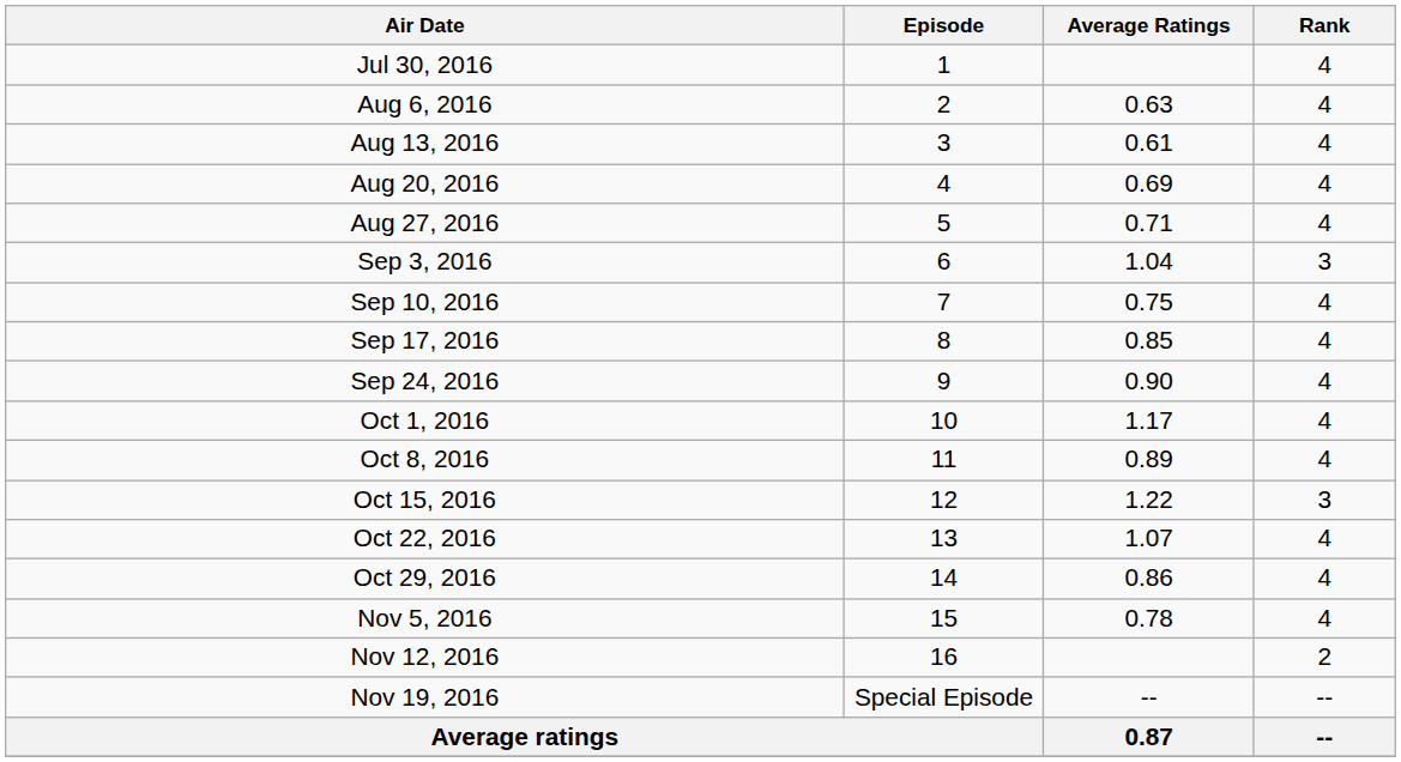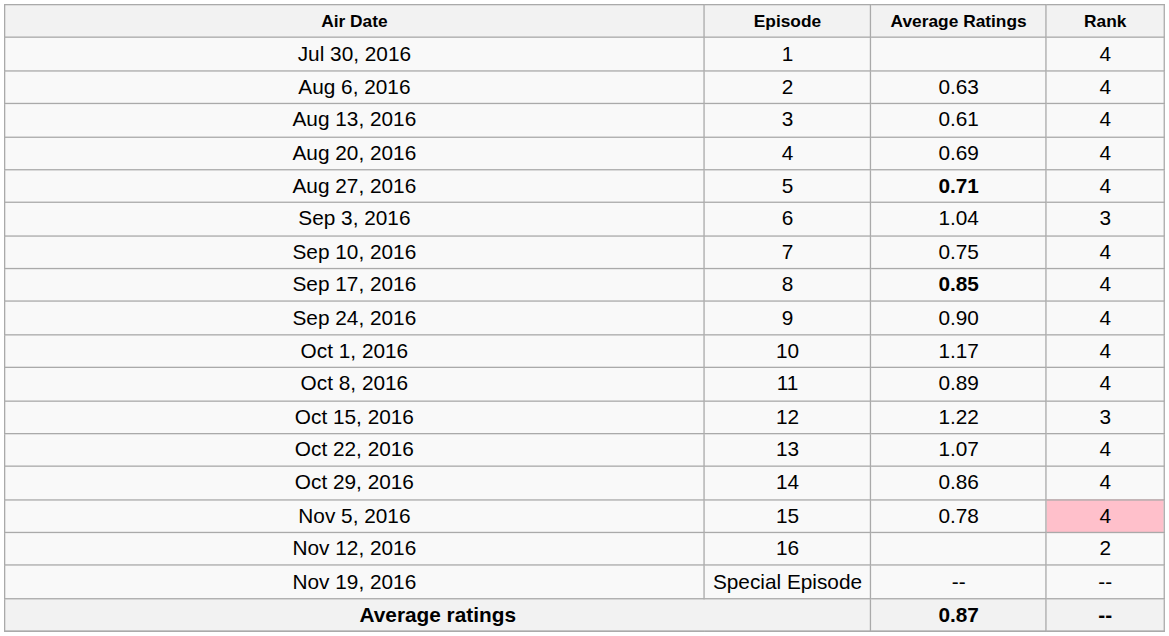 <table class="wikitable" style="text-align:center;width:45%;">
 <tr>
 <th width="25%"><small>Air Date</small></th>
 <th width="5%"><small>Episode</small></th>
 <th width="6%"><small>Average Ratings</small></th>
 <th width="4%"><small>Rank</small></th>
 </tr>
 <tr>
 <td>Jul 30, 2016</td>
 <td>1</td>
 <td><strong></strong></td>
 <td>4</td>
 </tr>
 <tr>
 <td>Aug 6, 2016</td>
 <td>2</td>
 <td>0.63</td>
 <td>4</td>
 </tr>
 <tr>
 <td>Aug 13, 2016</td>
 <td>3</td>
 <td>0.61</td>
 <td>4</td>
 </tr>
 <tr>
 <td>Aug 20, 2016</td>
 <td>4</td>
 <td>0.69</td>
 <td>4</td>
 </tr>
 <tr>
 <td>Aug 27, 2016</td>
 <td>5</td>
-<td>0.71</td>
+<td><strong>0.71</strong></td>
 <td>4</td>
 </tr>
 <tr>
 <td>Sep 3, 2016</td>
 <td>6</td>
 <td>1.04</td>
 <td>3</td>
 </tr>
 <tr>
 <td>Sep 10, 2016</td>
 <td>7</td>
 <td>0.75</td>
 <td>4</td>
 </tr>
 <tr>
 <td>Sep 17, 2016</td>
 <td>8</td>
-<td>0.85</td>
+<td><strong>0.85</strong></td>
 <td>4</td>
 </tr>
 <tr>
 <td>Sep 24, 2016</td>
 <td>9</td>
 <td>0.90</td>
 <td>4</td>
 </tr>
 <tr>
 <td>Oct 1, 2016</td>
 <td>10</td>
 <td>1.17</td>
 <td>4</td>
 </tr>
 <tr>
 <td>Oct 8, 2016</td>
 <td>11</td>
 <td>0.89</td>
 <td>4</td>
 </tr>
 <tr>
 <td>Oct 15, 2016</td>
 <td>12</td>
 <td>1.22</td>
 <td>3</td>
 </tr>
 <tr>
 <td>Oct 22, 2016</td>
 <td>13</td>
 <td>1.07</td>
 <td>4</td>
 </tr>
 <tr>
 <td>Oct 29, 2016</td>
 <td>14</td>
 <td>0.86</td>
 <td>4</td>
 </tr>
 <tr>
 <td>Nov 5, 2016</td>
 <td>15</td>
 <td>0.78</td>
-<td>4</td>
+<td style="background: pink;">4</td>
 </tr>
 <tr>
 <td>Nov 12, 2016</td>
 <td>16</td>
 <td><strong></strong></td>
 <td>2</td>
 </tr>
 <tr>
 <td>Nov 19, 2016</td>
 <td>Special Episode</td>
 <td>--</td>
 <td>--</td>
 </tr>
 <tr>
 <th colspan="2"><strong>Average ratings</strong></th>
 <th>0.87</th>
 <th>--</th>
 </tr>
 <tr>
 </tr>
 </table>
